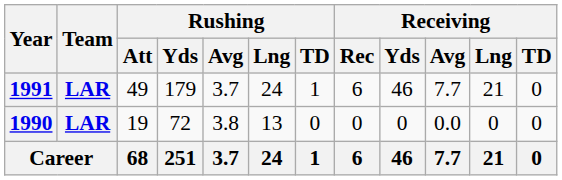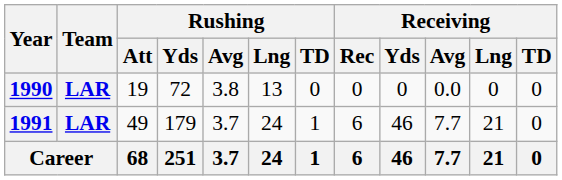 <table class=wikitable style="text-align:center;">
 <tr>
 <th rowspan="2">Year</th>
 <th rowspan="2">Team</th>
 <th colspan="5">Rushing</th>
 <th colspan="5">Receiving</th>
 </tr>
 <tr>
 <th>Att</th>
 <th>Yds</th>
 <th>Avg</th>
 <th>Lng</th>
 <th>TD</th>
 <th>Rec</th>
 <th>Yds</th>
 <th>Avg</th>
 <th>Lng</th>
 <th>TD</th>
 </tr>
 <tr>
+<th><a href='#'>1990</a></th>
+<th><a href='#'>LAR</a></th>
+<td>19</td>
+<td>72</td>
+<td>3.8</td>
+<td>13</td>
+<td>0</td>
+<td>0</td>
+<td>0</td>
+<td>0.0</td>
+<td>0</td>
+<td>0</td>
+</tr>
+<tr>
 <th><a href='#'>1991</a></th>
 <th><a href='#'>LAR</a></th>
 <td>49</td>
 <td>179</td>
 <td>3.7</td>
 <td>24</td>
 <td>1</td>
 <td>6</td>
 <td>46</td>
 <td>7.7</td>
 <td>21</td>
-<td>0</td>
-</tr>
-<tr>
-<th><a href='#'>1990</a></th>
-<th><a href='#'>LAR</a></th>
-<td>19</td>
-<td>72</td>
-<td>3.8</td>
-<td>13</td>
-<td>0</td>
-<td>0</td>
-<td>0</td>
-<td>0.0</td>
-<td>0</td>
 <td>0</td>
 </tr>
 <tr>
 <th colspan="2">Career</th>
 <th>68</th>
 <th>251</th>
 <th>3.7</th>
 <th>24</th>
 <th>1</th>
 <th>6</th>
 <th>46</th>
 <th>7.7</th>
 <th>21</th>
 <th>0</th>
 </tr>
 </table>
